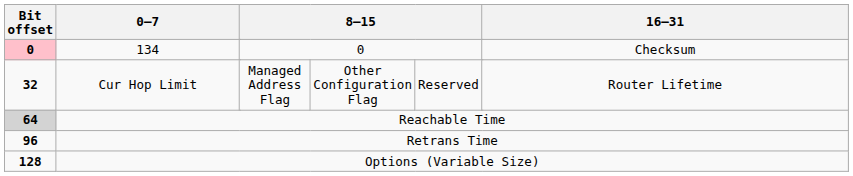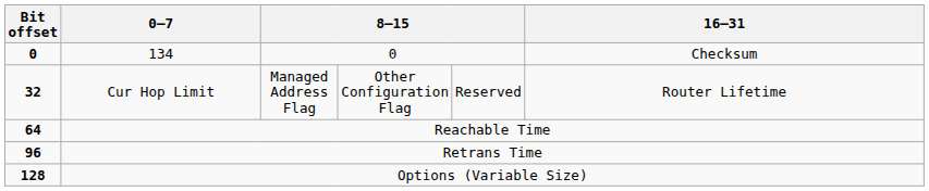 <table class="wikitable" style="text-align:center">
 <tr>
 <th>Bit offset</th>
 <th colspan="8" width="22%">0–7</th>
 <th colspan="8" width="22%">8–15</th>
 <th colspan="16" width="44%">16–31</th>
 </tr>
 <tr>
-<td style="background: pink;"><strong>0</strong></td>
+<td><strong>0</strong></td>
 <td colspan="8">134</td>
 <td colspan="8">0</td>
 <td colspan="16">Checksum</td>
 </tr>
 <tr>
 <td><strong>32</strong></td>
 <td colspan="8">Cur Hop Limit</td>
 <td colspan="1">Managed Address Flag</td>
 <td colspan= "1">Other Configuration Flag</td>
 <td colspan="6">Reserved</td>
 <td colspan="16">Router Lifetime</td>
 </tr>
 <tr>
-<td style="background: lightgrey;"><strong>64</strong></td>
+<td><strong>64</strong></td>
 <td colspan="32">Reachable Time</td>
 </tr>
 <tr>
 <td><strong>96</strong></td>
 <td colspan="32">Retrans Time</td>
 </tr>
 <tr>
 <td><strong>128</strong></td>
 <td colspan="32">Options (Variable Size)</td>
 </tr>
 </table>
